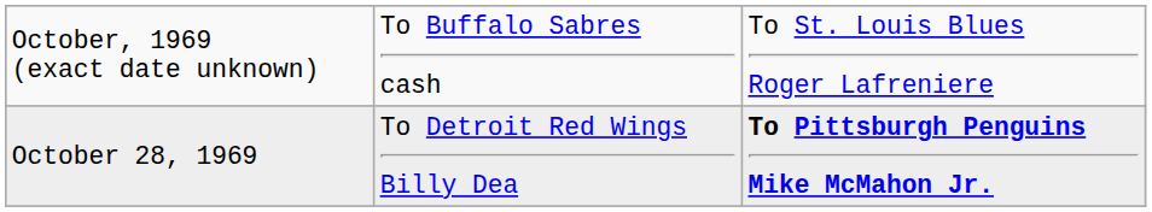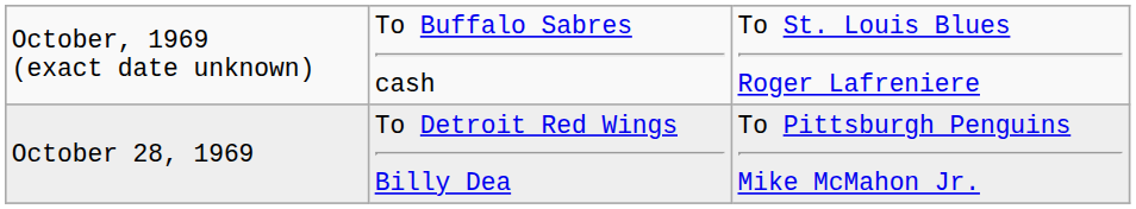 <table class="wikitable" style="border:1px solid #999; width:580px;">
 <tr>
 <td>October, 1969<br>(exact date unknown)</td>
 <td valign="top">To <a href='#'>Buffalo Sabres</a><hr>cash</td>
 <td valign="top">To <a href='#'>St. Louis Blues</a><hr><a href='#'>Roger Lafreniere</a></td>
 </tr>
 <tr bgcolor="eeeeee">
 <td>October 28, 1969</td>
 <td valign="top">To <a href='#'>Detroit Red Wings</a><hr><a href='#'>Billy Dea</a></td>
-<td valign="top"><strong>To <a href='#'>Pittsburgh Penguins</a><hr><a href='#'>Mike McMahon Jr.</a></strong></td>
+<td valign="top">To <a href='#'>Pittsburgh Penguins</a><hr><a href='#'>Mike McMahon Jr.</a></td>
 </tr>
 </table>
